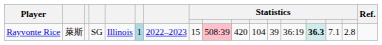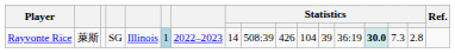 <table class="wikitable sortable" style="font-size:95%; text-align:right;">
 <tr>
 <th rowspan="2">Player</th>
 <th rowspan="2"></th>
 <th rowspan="2"></th>
 <th rowspan="2"></th>
 <th rowspan="2"></th>
 <th rowspan="2"></th>
 <th rowspan="2"></th>
 <th colspan="9">Statistics</th>
 <th rowspan="2">Ref.</th>
 </tr>
 <tr>
 <th></th>
 <th></th>
 <th></th>
 <th></th>
 <th></th>
 <th></th>
 <th></th>
 <th></th>
 <th></th>
 </tr>
 <tr>
 <td align="left"><a href='#'>Rayvonte Rice</a></td>
 <td align="left">萊斯</td>
 <td align="center"></td>
 <td align="center">SG</td>
 <td align="left"><a href='#'>Illinois</a></td>
 <td align="center" style="background: lightblue;">1</td>
 <td align="center"><a href='#'>2022–2023</a></td>
-<td>15</td>
-<td style="background: pink;">508:39</td>
-<td>420</td>
+<td>14</td>
+<td>508:39</td>
+<td>426</td>
 <td>104</td>
 <td>39</td>
 <td>36:19</td>
-<td bgcolor="#CFECEC"><strong>36.3</strong></td>
-<td>7.1</td>
+<td bgcolor="#CFECEC"><strong>30.0</strong></td>
+<td>7.3</td>
 <td>2.8</td>
 <td align="center"></td>
 </tr>
 </table>
